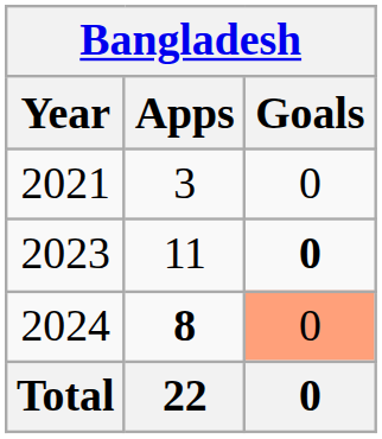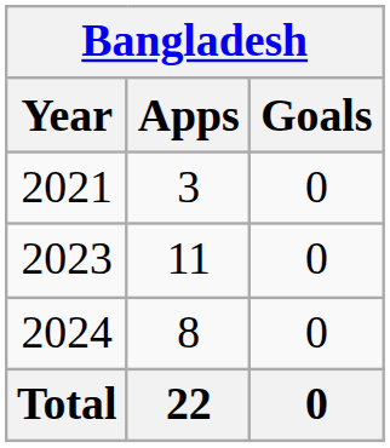 <table class="wikitable" style="text-align:center">
 <tr>
 <th colspan=11><a href='#'>Bangladesh</a></th>
 </tr>
 <tr>
 <th>Year</th>
 <th>Apps</th>
 <th>Goals</th>
 </tr>
 <tr>
 <td>2021</td>
 <td>3</td>
 <td>0</td>
 </tr>
 <tr>
 <td>2023</td>
 <td>11</td>
-<td><strong>0</strong></td>
+<td>0</td>
 </tr>
 <tr>
 <td>2024</td>
-<td><strong>8</strong></td>
-<td style="background: lightsalmon;">0</td>
+<td>8</td>
+<td>0</td>
 </tr>
 <tr>
 <th>Total</th>
 <th>22</th>
 <th>0</th>
 </tr>
 </table>
